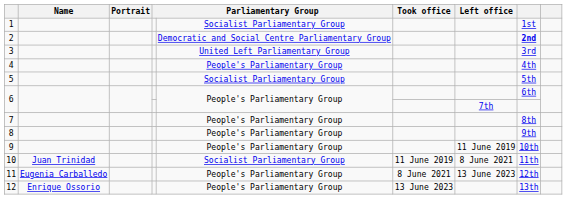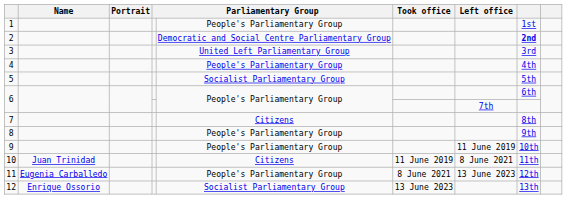 <table class="wikitable plainrowheaders sortable" style="font-size:90%; text-align:left;">
 <tr>
 <th scope=col></th>
 <th scope=col>Name</th>
 <th scope=col class=unsortable>Portrait</th>
 <th scope=col colspan="2">Parliamentary Group</th>
 <th scope=col>Took office</th>
 <th scope=col>Left office</th>
 <th scope=col></th>
 <th scope=col width=25px class=unsortable></th>
 </tr>
 <tr>
 <td align = center>1</td>
 <td style="white-space: nowrap;"></td>
 <td align=center></td>
 <td !align="center" style="background:"></td>
-<td align = center><a href='#'>Socialist Parliamentary Group</a></td>
+<td align = center>People's Parliamentary Group</td>
 <td align=center></td>
 <td align=center></td>
 <td align=center><a href='#'>1st</a></td>
 <td align=center></td>
 </tr>
 <tr>
 <td align = center>2</td>
 <td style="white-space: nowrap;"></td>
 <td align=center></td>
 <td !align="center" style="background:"></td>
 <td align = center><a href='#'>Democratic and Social Centre Parliamentary Group</a></td>
 <td align=center></td>
 <td align=center></td>
 <td align=center><strong><a href='#'>2nd</a></strong></td>
 <td align=center></td>
 </tr>
 <tr>
 <td align = center>3</td>
 <td style="white-space: nowrap;"></td>
 <td align=center></td>
 <td !align="center" style="background:"></td>
 <td align = center><a href='#'>United Left Parliamentary Group</a></td>
 <td align=center></td>
 <td align=center></td>
 <td align=center><a href='#'>3rd</a></td>
 <td align=center></td>
 </tr>
 <tr>
 <td align = center>4</td>
 <td style="white-space: nowrap;"></td>
 <td align=center></td>
 <td !align="center" style="background:"></td>
 <td align = center><a href='#'>People's Parliamentary Group</a></td>
 <td align=center></td>
 <td align=center></td>
 <td align=center><a href='#'>4th</a></td>
 <td align=center></td>
 </tr>
 <tr>
 <td align = center>5</td>
 <td style="white-space: nowrap;"></td>
 <td align=center></td>
 <td !align="center" style="background:"></td>
 <td align = center><a href='#'>Socialist Parliamentary Group</a></td>
 <td align=center></td>
 <td align=center></td>
 <td align=center><a href='#'>5th</a></td>
 <td align=center></td>
 </tr>
 <tr>
 <td rowspan=2 align = center>6</td>
 <td style="white-space: nowrap;" rowspan=2></td>
 <td align=center rowspan=2></td>
 <td !align="center" style="background:"></td>
 <td rowspan=2 align = center>People's Parliamentary Group</td>
 <td align=center></td>
 <td align=center></td>
 <td align=center><a href='#'>6th</a></td>
 <td align=center rowspan=2></td>
 </tr>
 <tr>
 <td align=center></td>
 <td align=center></td>
 <td align=center><a href='#'>7th</a></td>
 </tr>
 <tr>
 <td align = center>7</td>
 <td style="white-space: nowrap;"></td>
 <td align=center></td>
 <td !align="center" style="background:"></td>
-<td align = center>People's Parliamentary Group</td>
+<td align = center><a href='#'>Citizens</a></td>
 <td align=center></td>
 <td align=center></td>
 <td align=center><a href='#'>8th</a></td>
 <td align=center></td>
 </tr>
 <tr>
 <td align = center>8</td>
 <td style="white-space: nowrap;"></td>
 <td align=center></td>
 <td !align="center" style="background:"></td>
 <td align = center>People's Parliamentary Group</td>
 <td align=center></td>
 <td align=center></td>
 <td align=center><a href='#'>9th</a></td>
 <td align=center></td>
 </tr>
 <tr>
 <td align = center>9</td>
 <td style="white-space: nowrap;"></td>
 <td align=center></td>
 <td !align="center" style="background:"></td>
 <td align = center>People's Parliamentary Group</td>
 <td align=center></td>
 <td>11 June 2019</td>
 <td align="center"><a href='#'>10th</a></td>
 <td align=center></td>
 </tr>
 <tr>
 <td align = center>10</td>
 <td align = center><a href='#'>Juan Trinidad</a></td>
 <td align=center></td>
 <td style="background:"></td>
-<td align = center><a href='#'>Socialist Parliamentary Group</a></td>
+<td align = center><a href='#'>Citizens</a></td>
 <td align = center>11 June 2019</td>
 <td align = center>8 June 2021</td>
 <td align = "center"><a href='#'>11th</a></td>
 <td></td>
 </tr>
 <tr>
 <td align = center>11</td>
 <td align = center><a href='#'>Eugenia Carballedo</a></td>
 <td align = center></td>
 <td style="background:"></td>
 <td align = center>People's Parliamentary Group</td>
 <td align = center>8 June 2021</td>
 <td align = center>13 June 2023</td>
 <td align = center><a href='#'>12th</a></td>
 <td align = center></td>
 </tr>
 <tr>
 <td align = center>12</td>
 <td align = center><a href='#'>Enrique Ossorio</a></td>
 <td align = center></td>
 <td style="background:"></td>
-<td align = center>People's Parliamentary Group</td>
+<td align = center><a href='#'>Socialist Parliamentary Group</a></td>
 <td align = center>13 June 2023</td>
 <td align = center></td>
 <td align = center><a href='#'>13th</a></td>
 <td align = center></td>
 </tr>
 </table>
